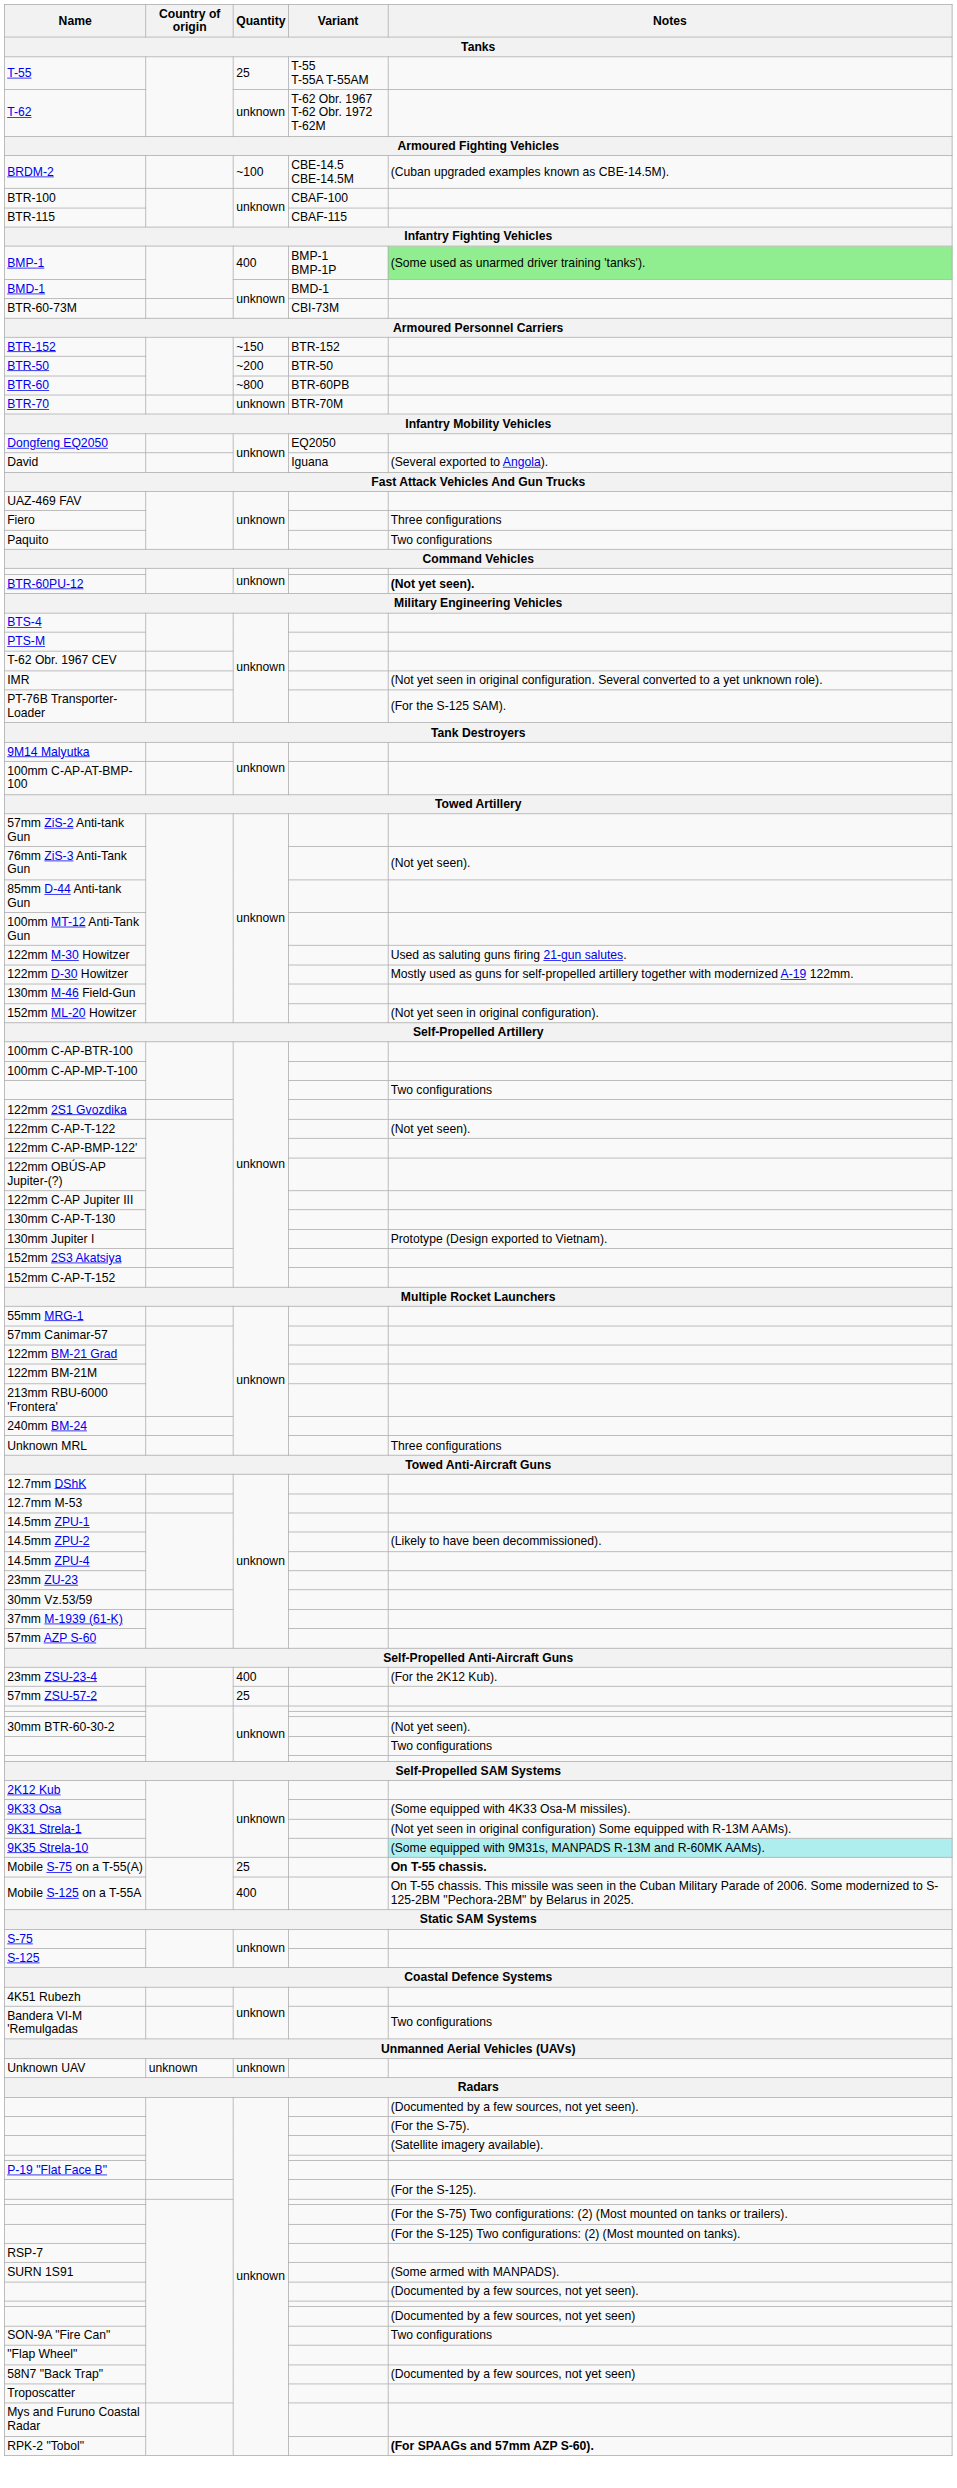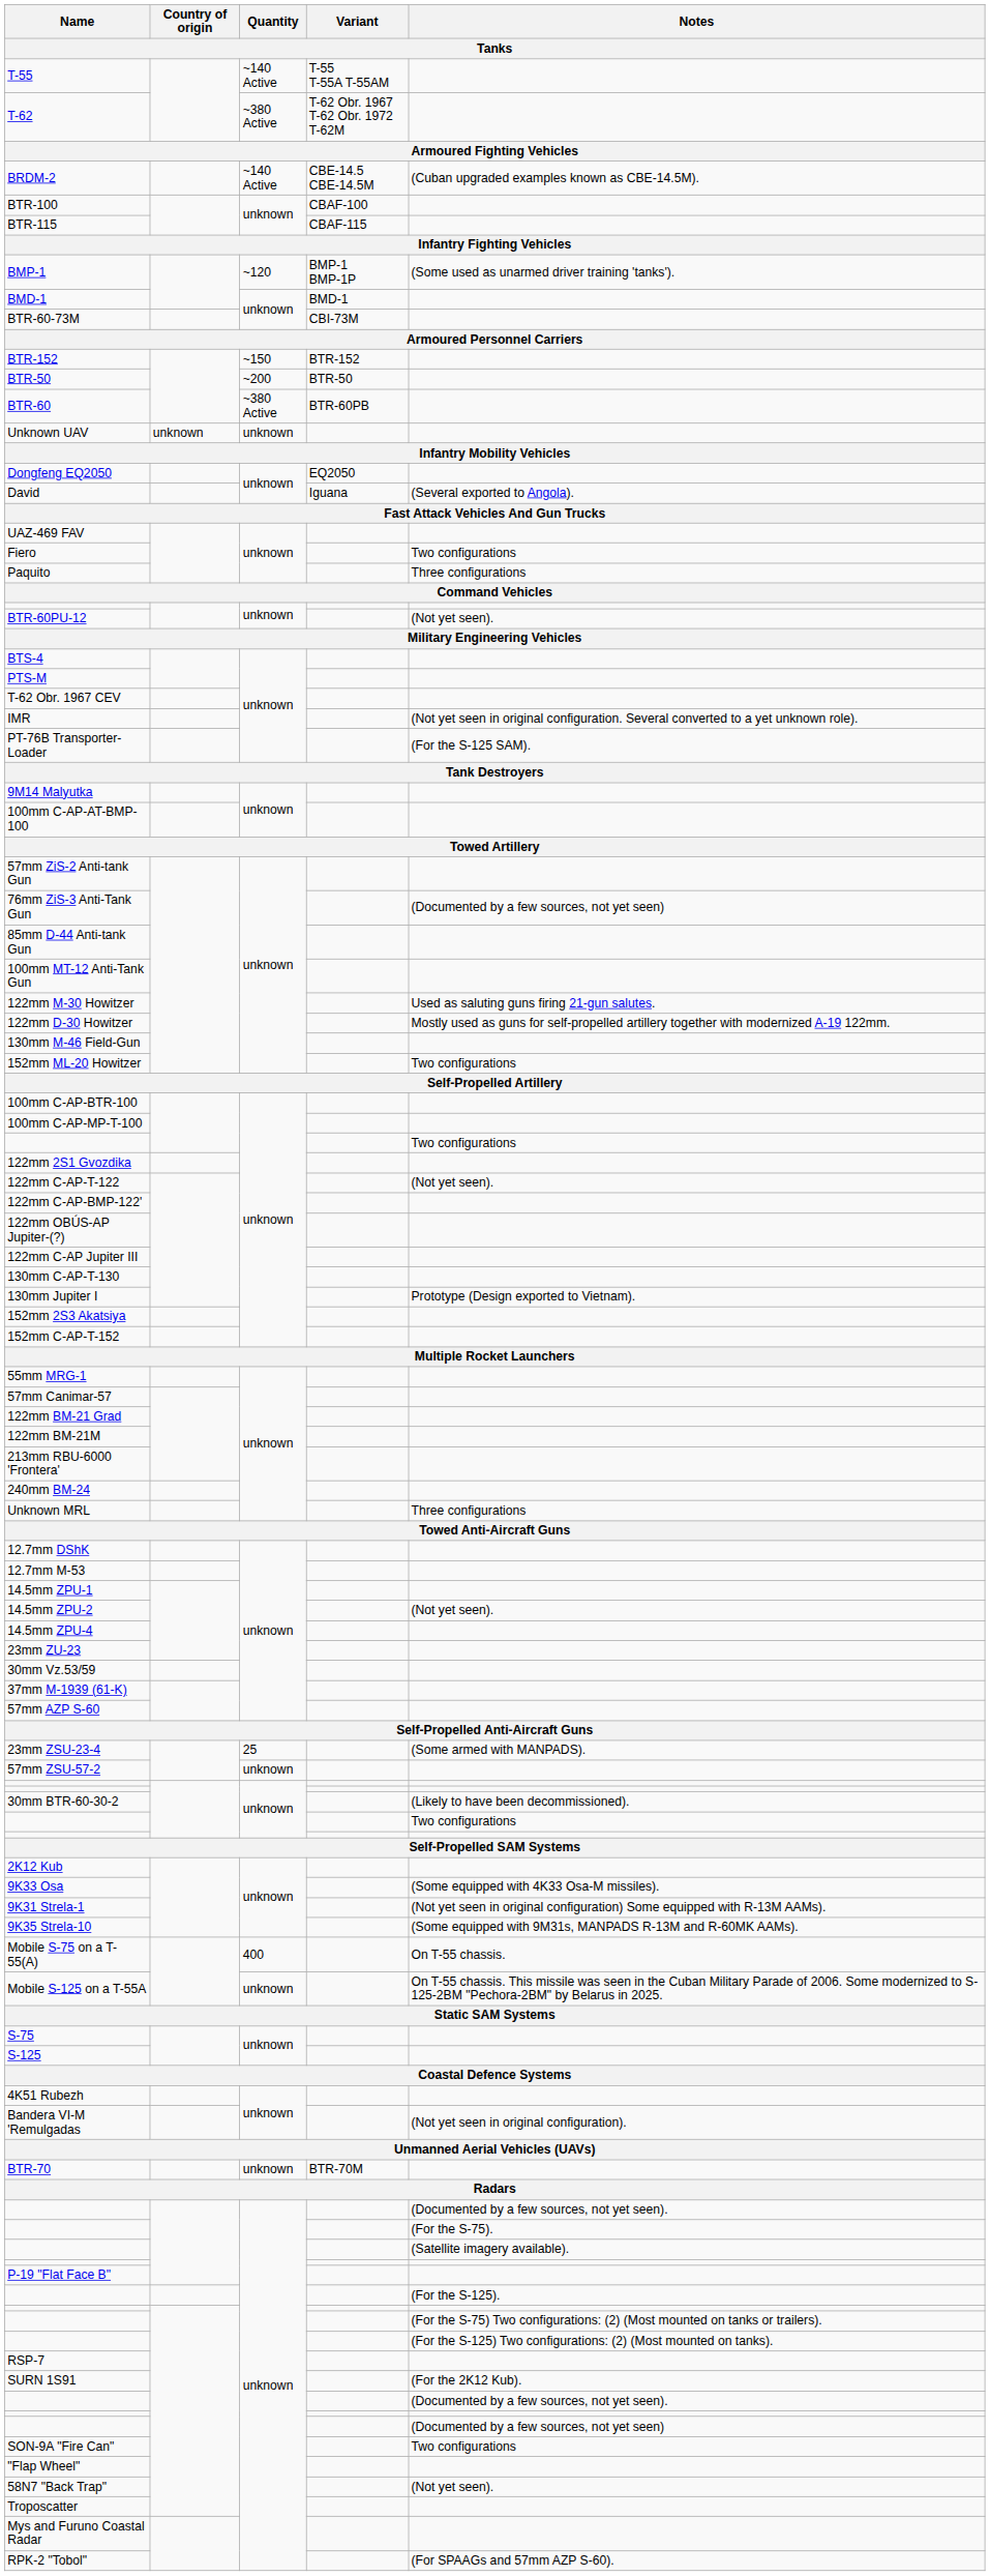 <table class="wikitable sortable">
 <tr>
 <th scope="col">Name</th>
 <th scope="col">Country of origin</th>
 <th scope="col">Quantity</th>
 <th>Variant</th>
 <th scope="col">Notes</th>
 </tr>
 <tr>
 <th colspan="5">Tanks</th>
 </tr>
 <tr>
 <td><a href='#'>T-55</a></td>
 <td rowspan="2"></td>
-<td>25</td>
+<td>~140 Active</td>
 <td>T-55<br>T-55A T-55AM</td>
 <td></td>
 </tr>
 <tr>
 <td><a href='#'>T-62</a></td>
-<td>unknown</td>
+<td>~380 Active</td>
 <td>T-62 Obr. 1967<br>T-62 Obr. 1972 T-62M</td>
 <td></td>
 </tr>
 <tr>
 <th colspan="5">Armoured Fighting Vehicles</th>
 </tr>
 <tr>
 <td><a href='#'>BRDM-2</a></td>
 <td></td>
-<td>~100</td>
+<td>~140 Active</td>
 <td>CBE-14.5<br>CBE-14.5M</td>
 <td>(Cuban upgraded examples known as CBE-14.5M).</td>
 </tr>
 <tr>
 <td>BTR-100</td>
 <td rowspan="2"></td>
 <td rowspan="2">unknown</td>
 <td>CBAF-100</td>
 <td></td>
 </tr>
 <tr>
 <td>BTR-115</td>
 <td>CBAF-115</td>
 <td></td>
 </tr>
 <tr>
 <th colspan="5">Infantry Fighting Vehicles</th>
 </tr>
 <tr>
 <td><a href='#'>BMP-1</a></td>
 <td rowspan="2"></td>
-<td>400</td>
+<td>~120</td>
 <td>BMP-1<br>BMP-1P</td>
-<td style="background: lightgreen;">(Some used as unarmed driver training 'tanks').</td>
+<td>(Some used as unarmed driver training 'tanks').</td>
 </tr>
 <tr>
 <td><a href='#'>BMD-1</a></td>
 <td rowspan="2">unknown</td>
 <td>BMD-1</td>
 <td></td>
 </tr>
 <tr>
 <td>BTR-60-73M</td>
 <td></td>
 <td>CBI-73M</td>
 <td></td>
 </tr>
 <tr>
 <th colspan="5">Armoured Personnel Carriers</th>
 </tr>
 <tr>
 <td><a href='#'>BTR-152</a></td>
 <td rowspan="3"></td>
 <td>~150</td>
 <td>BTR-152</td>
 <td></td>
 </tr>
 <tr>
 <td><a href='#'>BTR-50</a></td>
 <td>~200</td>
 <td>BTR-50</td>
 <td></td>
 </tr>
 <tr>
 <td><a href='#'>BTR-60</a></td>
-<td>~800</td>
+<td>~380 Active</td>
 <td>BTR-60PB</td>
 <td></td>
 </tr>
 <tr>
-<td><a href='#'>BTR-70</a></td>
+<td>Unknown UAV</td>
+<td>unknown</td>
+<td>unknown</td>
 <td></td>
-<td>unknown</td>
-<td>BTR-70M</td>
 <td></td>
 </tr>
 <tr>
 <th colspan="5">Infantry Mobility Vehicles</th>
 </tr>
 <tr>
 <td><a href='#'>Dongfeng EQ2050</a></td>
 <td></td>
 <td rowspan="2">unknown</td>
 <td>EQ2050</td>
 <td></td>
 </tr>
 <tr>
 <td>David</td>
 <td></td>
 <td>Iguana</td>
 <td>(Several exported to <a href='#'>Angola</a>).</td>
 </tr>
 <tr>
 <th colspan="5">Fast Attack Vehicles And Gun Trucks</th>
 </tr>
 <tr>
 <td>UAZ-469 FAV</td>
 <td rowspan="3"></td>
 <td rowspan="3">unknown</td>
 <td></td>
 <td></td>
 </tr>
 <tr>
 <td>Fiero</td>
 <td></td>
-<td>Three configurations</td>
+<td>Two configurations</td>
 </tr>
 <tr>
 <td>Paquito</td>
 <td></td>
-<td>Two configurations</td>
+<td>Three configurations</td>
 </tr>
 <tr>
 <th colspan="5">Command Vehicles</th>
 </tr>
 <tr>
 <td><a href='#'></a></td>
 <td rowspan="2"></td>
 <td rowspan="2">unknown</td>
 <td></td>
 <td></td>
 </tr>
 <tr>
 <td><a href='#'>BTR-60PU-12</a></td>
 <td></td>
-<td><strong>(Not yet seen).</strong></td>
+<td>(Not yet seen).</td>
 </tr>
 <tr>
 <th colspan="5">Military Engineering Vehicles</th>
 </tr>
 <tr>
 <td><a href='#'>BTS-4</a></td>
 <td rowspan="2"></td>
 <td rowspan="5">unknown</td>
 <td></td>
 <td></td>
 </tr>
 <tr>
 <td><a href='#'>PTS-M</a></td>
 <td></td>
 <td></td>
 </tr>
 <tr>
 <td>T-62 Obr. 1967 CEV</td>
 <td></td>
 <td></td>
 <td></td>
 </tr>
 <tr>
 <td>IMR</td>
 <td></td>
 <td></td>
 <td>(Not yet seen in original configuration. Several converted to a yet unknown role).</td>
 </tr>
 <tr>
 <td>PT-76B Transporter-Loader</td>
 <td></td>
 <td></td>
 <td>(For the S-125 SAM).</td>
 </tr>
 <tr>
 <th colspan="5">Tank Destroyers</th>
 </tr>
 <tr>
 <td><a href='#'>9M14 Malyutka</a></td>
 <td></td>
 <td rowspan="2">unknown</td>
 <td></td>
 <td></td>
 </tr>
 <tr>
 <td>100mm C-AP-AT-BMP-100</td>
 <td></td>
 <td></td>
 <td></td>
 </tr>
 <tr>
 <th colspan="5">Towed Artillery</th>
 </tr>
 <tr>
 <td>57mm <a href='#'>ZiS-2</a> Anti-tank Gun</td>
 <td rowspan="8"></td>
 <td rowspan="8">unknown</td>
 <td></td>
 <td></td>
 </tr>
 <tr>
 <td>76mm <a href='#'>ZiS-3</a> Anti-Tank Gun</td>
 <td></td>
-<td>(Not yet seen).</td>
+<td>(Documented by a few sources, not yet seen)</td>
 </tr>
 <tr>
 <td>85mm <a href='#'>D-44</a> Anti-tank Gun</td>
 <td></td>
 <td></td>
 </tr>
 <tr>
 <td>100mm <a href='#'>MT-12</a> Anti-Tank Gun</td>
 <td></td>
 <td></td>
 </tr>
 <tr>
 <td>122mm <a href='#'>M-30</a> Howitzer</td>
 <td></td>
 <td>Used as saluting guns firing <a href='#'>21-gun salutes</a>. </td>
 </tr>
 <tr>
 <td>122mm <a href='#'>D-30</a> Howitzer</td>
 <td></td>
 <td>Mostly used as guns for self-propelled artillery together with modernized <a href='#'>A-19</a> 122mm.</td>
 </tr>
 <tr>
 <td>130mm <a href='#'>M-46</a> Field-Gun</td>
 <td></td>
 <td></td>
 </tr>
 <tr>
 <td>152mm <a href='#'>ML-20</a> Howitzer</td>
 <td></td>
-<td>(Not yet seen in original configuration).</td>
+<td>Two configurations</td>
 </tr>
 <tr>
 <th colspan="5">Self-Propelled Artillery</th>
 </tr>
 <tr>
 <td>100mm C-AP-BTR-100</td>
 <td rowspan="3"></td>
 <td rowspan="12">unknown</td>
 <td></td>
 <td></td>
 </tr>
 <tr>
 <td>100mm C-AP-MP-T-100</td>
 <td></td>
 <td></td>
 </tr>
 <tr>
 <td></td>
 <td></td>
 <td>Two configurations</td>
 </tr>
 <tr>
 <td>122mm <a href='#'>2S1 Gvozdika</a></td>
 <td></td>
 <td></td>
 <td></td>
 </tr>
 <tr>
 <td>122mm C-AP-T-122</td>
 <td rowspan="6"></td>
 <td></td>
 <td>(Not yet seen).</td>
 </tr>
 <tr>
 <td>122mm C-AP-BMP-122'</td>
 <td></td>
 <td></td>
 </tr>
 <tr>
 <td>122mm OBÚS-AP Jupiter-(?)</td>
 <td></td>
 <td></td>
 </tr>
 <tr>
 <td>122mm C-AP Jupiter III</td>
 <td></td>
 <td></td>
 </tr>
 <tr>
 <td>130mm C-AP-T-130</td>
 <td></td>
 <td></td>
 </tr>
 <tr>
 <td>130mm Jupiter I</td>
 <td></td>
 <td>Prototype (Design exported to Vietnam).</td>
 </tr>
 <tr>
 <td>152mm <a href='#'>2S3 Akatsiya</a></td>
 <td></td>
 <td></td>
 <td></td>
 </tr>
 <tr>
 <td>152mm C-AP-T-152</td>
 <td></td>
 <td></td>
 <td></td>
 </tr>
 <tr>
 <th colspan="5">Multiple Rocket Launchers</th>
 </tr>
 <tr>
 <td>55mm <a href='#'>MRG-1</a></td>
 <td></td>
 <td rowspan="7">unknown</td>
 <td></td>
 <td></td>
 </tr>
 <tr>
 <td>57mm Canimar-57</td>
 <td rowspan="4"></td>
 <td></td>
 <td></td>
 </tr>
 <tr>
 <td>122mm <a href='#'>BM-21 Grad</a></td>
 <td></td>
 <td></td>
 </tr>
 <tr>
 <td>122mm BM-21M</td>
 <td></td>
 <td></td>
 </tr>
 <tr>
 <td>213mm RBU-6000 'Frontera'</td>
 <td></td>
 <td></td>
 </tr>
 <tr>
 <td>240mm <a href='#'>BM-24</a></td>
 <td></td>
 <td></td>
 <td></td>
 </tr>
 <tr>
 <td>Unknown MRL</td>
 <td></td>
 <td></td>
 <td>Three configurations</td>
 </tr>
 <tr>
 <th colspan="5">Towed Anti-Aircraft Guns</th>
 </tr>
 <tr>
 <td>12.7mm <a href='#'>DShK</a></td>
 <td></td>
 <td rowspan="9">unknown</td>
 <td></td>
 <td></td>
 </tr>
 <tr>
 <td>12.7mm M-53</td>
 <td></td>
 <td></td>
 <td></td>
 </tr>
 <tr>
 <td>14.5mm <a href='#'>ZPU-1</a></td>
 <td rowspan="4"></td>
 <td></td>
 <td></td>
 </tr>
 <tr>
 <td>14.5mm <a href='#'>ZPU-2</a></td>
 <td></td>
-<td>(Likely to have been decommissioned).</td>
+<td>(Not yet seen).</td>
 </tr>
 <tr>
 <td>14.5mm <a href='#'>ZPU-4</a></td>
 <td></td>
 <td></td>
 </tr>
 <tr>
 <td>23mm <a href='#'>ZU-23</a></td>
 <td></td>
 <td></td>
 </tr>
 <tr>
 <td>30mm Vz.53/59</td>
 <td></td>
 <td></td>
 <td></td>
 </tr>
 <tr>
 <td>37mm <a href='#'>M-1939 (61-K)</a></td>
 <td rowspan="2"></td>
 <td></td>
 <td></td>
 </tr>
 <tr>
 <td>57mm <a href='#'>AZP S-60</a></td>
 <td></td>
 <td></td>
 </tr>
 <tr>
 <th colspan="5">Self-Propelled Anti-Aircraft Guns</th>
 </tr>
 <tr>
 <td>23mm <a href='#'>ZSU-23-4</a></td>
 <td rowspan="2"></td>
-<td>400</td>
+<td>25</td>
 <td></td>
-<td>(For the 2K12 Kub).</td>
+<td>(Some armed with MANPADS).</td>
 </tr>
 <tr>
 <td>57mm <a href='#'>ZSU-57-2</a></td>
-<td>25</td>
+<td>unknown</td>
 <td></td>
 <td></td>
 </tr>
 <tr>
 <td></td>
 <td rowspan="5"></td>
 <td rowspan="5">unknown</td>
 <td></td>
 <td></td>
 </tr>
 <tr>
 <td></td>
 <td></td>
 <td></td>
 </tr>
 <tr>
 <td>30mm BTR-60-30-2</td>
 <td></td>
-<td>(Not yet seen).</td>
+<td>(Likely to have been decommissioned).</td>
 </tr>
 <tr>
 <td></td>
 <td></td>
 <td>Two configurations</td>
 </tr>
 <tr>
 <td></td>
 <td></td>
 <td></td>
 </tr>
 <tr>
 <th colspan="5">Self-Propelled SAM Systems</th>
 </tr>
 <tr>
 <td><a href='#'>2K12 Kub</a></td>
 <td rowspan="4"></td>
 <td rowspan="4">unknown</td>
 <td></td>
 <td></td>
 </tr>
 <tr>
 <td><a href='#'>9K33 Osa</a></td>
 <td></td>
 <td>(Some equipped with 4K33 Osa-M missiles).</td>
 </tr>
 <tr>
 <td><a href='#'>9K31 Strela-1</a></td>
 <td></td>
 <td>(Not yet seen in original configuration) Some equipped with R-13M AAMs).</td>
 </tr>
 <tr>
 <td><a href='#'>9K35 Strela-10</a></td>
 <td></td>
-<td style="background: paleturquoise;">(Some equipped with 9M31s, MANPADS R-13M and R-60MK AAMs).</td>
+<td>(Some equipped with 9M31s, MANPADS R-13M and R-60MK AAMs).</td>
 </tr>
 <tr>
 <td>Mobile <a href='#'>S-75</a> on a T-55(A)</td>
 <td rowspan="2"></td>
-<td>25</td>
+<td>400</td>
 <td></td>
-<td><strong>On T-55 chassis.</strong></td>
+<td>On T-55 chassis.</td>
 </tr>
 <tr>
 <td>Mobile <a href='#'>S-125</a> on a T-55A</td>
-<td>400</td>
+<td>unknown</td>
 <td></td>
 <td>On T-55 chassis. This missile was seen in the Cuban Military Parade of 2006. Some modernized to S-125-2BM "Pechora-2BM" by Belarus in 2025.</td>
 </tr>
 <tr>
 <th colspan="5">Static SAM Systems</th>
 </tr>
 <tr>
 <td><a href='#'>S-75</a></td>
 <td rowspan="2"></td>
 <td rowspan="2">unknown</td>
 <td></td>
 <td></td>
 </tr>
 <tr>
 <td><a href='#'>S-125</a></td>
 <td></td>
 <td></td>
 </tr>
 <tr>
 <th colspan="5">Coastal Defence Systems</th>
 </tr>
 <tr>
 <td>4K51 Rubezh</td>
 <td></td>
 <td rowspan="2">unknown</td>
 <td></td>
 <td></td>
 </tr>
 <tr>
 <td>Bandera VI-M 'Remulgadas</td>
 <td></td>
 <td></td>
-<td>Two configurations</td>
+<td>(Not yet seen in original configuration).</td>
 </tr>
 <tr>
 <th colspan="5">Unmanned Aerial Vehicles (UAVs)</th>
 </tr>
 <tr>
-<td>Unknown UAV</td>
+<td><a href='#'>BTR-70</a></td>
+<td></td>
 <td>unknown</td>
-<td>unknown</td>
-<td></td>
+<td>BTR-70M</td>
 <td></td>
 </tr>
 <tr>
 <th colspan="5">Radars</th>
 </tr>
 <tr>
 <td><a href='#'></a></td>
 <td rowspan="5"></td>
 <td rowspan="20">unknown</td>
 <td></td>
 <td>(Documented by a few sources, not yet seen).</td>
 </tr>
 <tr>
 <td><a href='#'></a></td>
 <td></td>
 <td>(For the S-75).</td>
 </tr>
 <tr>
 <td><a href='#'></a></td>
 <td></td>
 <td>(Satellite imagery available).</td>
 </tr>
 <tr>
 <td><a href='#'></a></td>
 <td></td>
 <td></td>
 </tr>
 <tr>
 <td><a href='#'>P-19 "Flat Face B"</a></td>
 <td></td>
 <td></td>
 </tr>
 <tr>
 <td></td>
 <td></td>
 <td></td>
 <td>(For the S-125).</td>
 </tr>
 <tr>
 <td><a href='#'></a></td>
 <td rowspan="12"></td>
 <td></td>
 <td></td>
 </tr>
 <tr>
 <td></td>
 <td></td>
 <td>(For the S-75) Two configurations: (2) (Most mounted on tanks or trailers).</td>
 </tr>
 <tr>
 <td></td>
 <td></td>
 <td>(For the S-125) Two configurations: (2) (Most mounted on tanks).</td>
 </tr>
 <tr>
 <td>RSP-7</td>
 <td></td>
 <td></td>
 </tr>
 <tr>
 <td>SURN 1S91</td>
 <td></td>
-<td>(Some armed with MANPADS).</td>
+<td>(For the 2K12 Kub).</td>
 </tr>
 <tr>
 <td></td>
 <td></td>
 <td>(Documented by a few sources, not yet seen).</td>
 </tr>
 <tr>
 <td></td>
 <td></td>
 <td></td>
 </tr>
 <tr>
 <td></td>
 <td></td>
 <td>(Documented by a few sources, not yet seen)</td>
 </tr>
 <tr>
 <td>SON-9A "Fire Can"</td>
 <td></td>
 <td>Two configurations</td>
 </tr>
 <tr>
 <td> "Flap Wheel"</td>
 <td></td>
 <td></td>
 </tr>
 <tr>
 <td>58N7 "Back Trap"</td>
 <td></td>
-<td>(Documented by a few sources, not yet seen)</td>
+<td>(Not yet seen).</td>
 </tr>
 <tr>
 <td> Troposcatter</td>
 <td></td>
 <td></td>
 </tr>
 <tr>
 <td>Mys and Furuno Coastal Radar</td>
 <td rowspan="2"></td>
 <td></td>
 <td></td>
 </tr>
 <tr>
 <td>RPK-2 "Tobol"</td>
 <td></td>
-<td><strong>(For SPAAGs and 57mm AZP S-60).</strong></td>
+<td>(For SPAAGs and 57mm AZP S-60).</td>
 </tr>
 </table>
